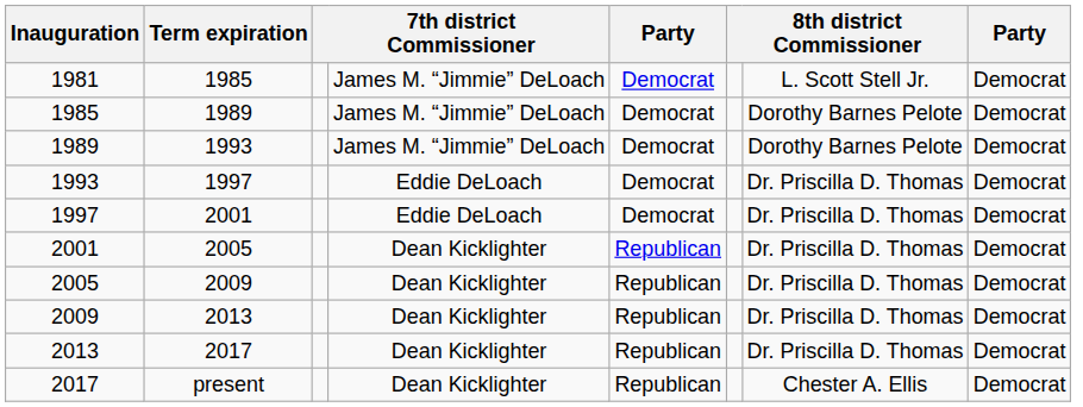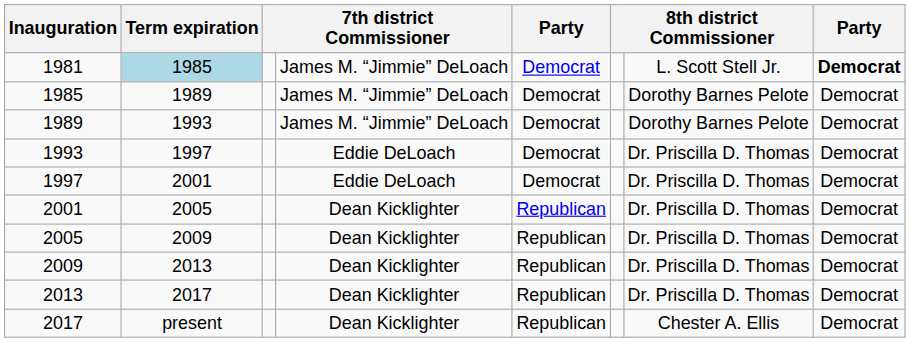 <table class="wikitable sortable" style="text-align:center;">
 <tr>
 <th>Inauguration</th>
 <th>Term expiration</th>
 <th colspan="2">7th district<br>Commissioner</th>
 <th>Party</th>
 <th colspan="2">8th district<br>Commissioner</th>
 <th>Party</th>
 </tr>
 <tr>
 <td>1981</td>
-<td>1985</td>
+<td style="background: lightblue;">1985</td>
 <td bgcolor=> </td>
 <td>James M. “Jimmie” DeLoach</td>
 <td><a href='#'>Democrat</a></td>
 <td bgcolor=> </td>
 <td>L. Scott Stell Jr.</td>
-<td>Democrat</td>
+<td><strong>Democrat</strong></td>
 </tr>
 <tr>
 <td>1985</td>
 <td>1989</td>
 <td bgcolor=> </td>
 <td>James M. “Jimmie” DeLoach</td>
 <td>Democrat</td>
 <td bgcolor=> </td>
 <td>Dorothy Barnes Pelote</td>
 <td>Democrat</td>
 </tr>
 <tr>
 <td>1989</td>
 <td>1993</td>
 <td bgcolor=> </td>
 <td>James M. “Jimmie” DeLoach</td>
 <td>Democrat</td>
 <td bgcolor=> </td>
 <td>Dorothy Barnes Pelote</td>
 <td>Democrat</td>
 </tr>
 <tr>
 <td>1993</td>
 <td>1997</td>
 <td bgcolor=> </td>
 <td>Eddie DeLoach</td>
 <td>Democrat</td>
 <td bgcolor=> </td>
 <td>Dr. Priscilla D. Thomas</td>
 <td>Democrat</td>
 </tr>
 <tr>
 <td>1997</td>
 <td>2001</td>
 <td bgcolor=> </td>
 <td>Eddie DeLoach</td>
 <td>Democrat</td>
 <td bgcolor=> </td>
 <td>Dr. Priscilla D. Thomas</td>
 <td>Democrat</td>
 </tr>
 <tr>
 <td>2001</td>
 <td>2005</td>
 <td bgcolor=> </td>
 <td>Dean Kicklighter</td>
 <td><a href='#'>Republican</a></td>
 <td bgcolor=> </td>
 <td>Dr. Priscilla D. Thomas</td>
 <td>Democrat</td>
 </tr>
 <tr>
 <td>2005</td>
 <td>2009</td>
 <td bgcolor=> </td>
 <td>Dean Kicklighter</td>
 <td>Republican</td>
 <td bgcolor=> </td>
 <td>Dr. Priscilla D. Thomas</td>
 <td>Democrat</td>
 </tr>
 <tr>
 <td>2009</td>
 <td>2013</td>
 <td bgcolor=> </td>
 <td>Dean Kicklighter</td>
 <td>Republican</td>
 <td bgcolor=> </td>
 <td>Dr. Priscilla D. Thomas</td>
 <td>Democrat</td>
 </tr>
 <tr>
 <td>2013</td>
 <td>2017</td>
 <td bgcolor=> </td>
 <td>Dean Kicklighter</td>
 <td>Republican</td>
 <td bgcolor=> </td>
 <td>Dr. Priscilla D. Thomas</td>
 <td>Democrat</td>
 </tr>
 <tr>
 <td>2017</td>
 <td>present</td>
 <td bgcolor=> </td>
 <td>Dean Kicklighter</td>
 <td>Republican</td>
 <td bgcolor=> </td>
 <td>Chester A. Ellis</td>
 <td>Democrat</td>
 </tr>
 </table>
